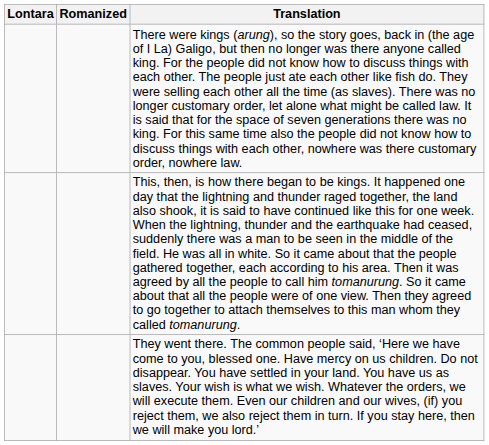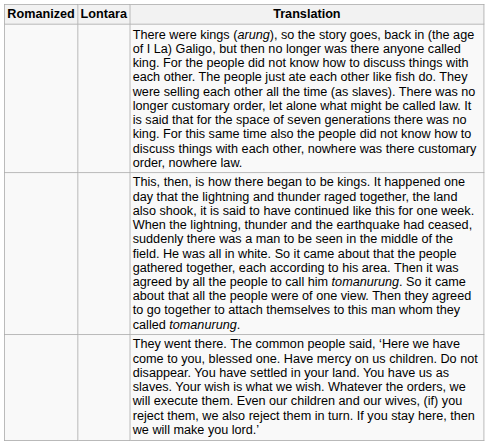 <table class="wikitable">
 <tr>
+<th style="text-align: center">Romanized</th>
 <th style="text-align: center">Lontara</th>
-<th style="text-align: center">Romanized</th>
 <th style="text-align: center">Translation</th>
 </tr>
 <tr>
 <td></td>
 <td></td>
 <td>There were kings (<em>arung</em>), so the story goes, back in (the age of I La) Galigo, but then no longer was there anyone called king. For the people did not know how to discuss things with each other. The people just ate each other like fish do. They were selling each other all the time (as slaves). There was no longer customary order, let alone what might be called law. It is said that for the space of seven generations there was no king. For this same time also the people did not know how to discuss things with each other, nowhere was there customary order, nowhere law.</td>
 </tr>
 <tr>
 <td></td>
 <td></td>
 <td>This, then, is how there began to be kings. It happened one day that the lightning and thunder raged together, the land also shook, it is said to have continued like this for one week. When the lightning, thunder and the earthquake had ceased, suddenly there was a man to be seen in the middle of the field. He was all in white. So it came about that the people gathered together, each according to his area. Then it was agreed by all the people to call him <em>tomanurung</em>. So it came about that all the people were of one view. Then they agreed to go together to attach themselves to this man whom they called <em>tomanurung</em>.</td>
 </tr>
 <tr>
 <td></td>
 <td></td>
 <td>They went there. The common people said, ‘Here we have come to you, blessed one. Have mercy on us children. Do not disappear. You have settled in your land. You have us as slaves. Your wish is what we wish. Whatever the orders, we will execute them. Even our children and our wives, (if) you reject them, we also reject them in turn. If you stay here, then we will make you lord.’</td>
 </tr>
 </table>
